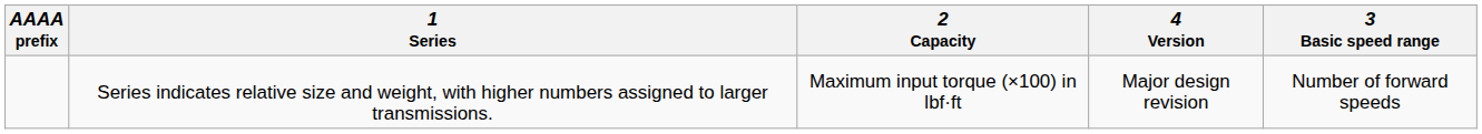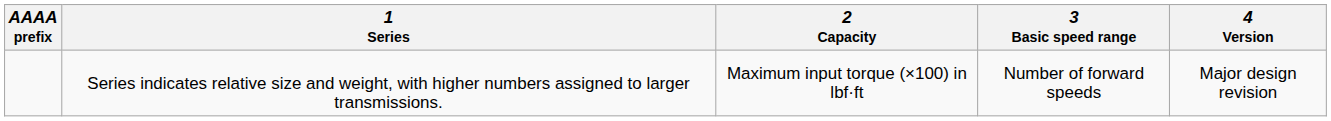 <table class="wikitable" style="font-size:100%;text-align:center;">
 <tr>
 <th><em>AAAA</em><br><small>prefix</small></th>
 <th><em>1</em><br><small>Series</small></th>
 <th><em>2</em><br><small>Capacity</small></th>
+<th><em>3</em><br><small>Basic speed range</small></th>
 <th><em>4</em><br><small>Version</small></th>
-<th><em>3</em><br><small>Basic speed range</small></th>
 </tr>
 <tr>
 <td></td>
 <td><br>Series indicates relative size and weight, with higher numbers assigned to larger transmissions.</td>
 <td>Maximum input torque (×100) in lbf·ft</td>
+<td>Number of forward speeds</td>
 <td>Major design revision</td>
-<td>Number of forward speeds</td>
 </tr>
 </table>
